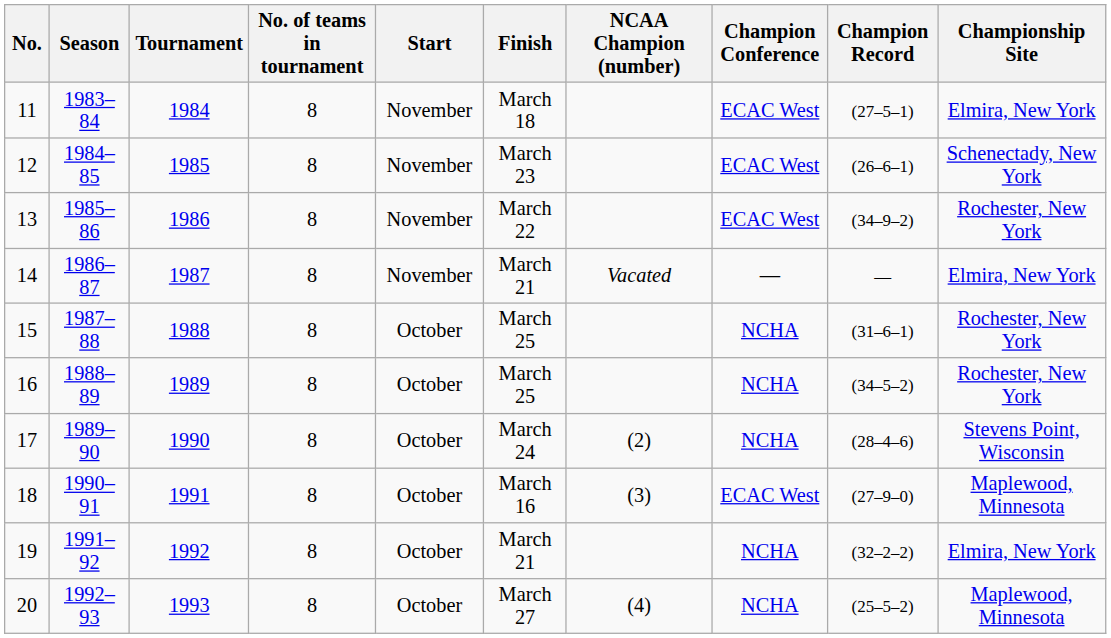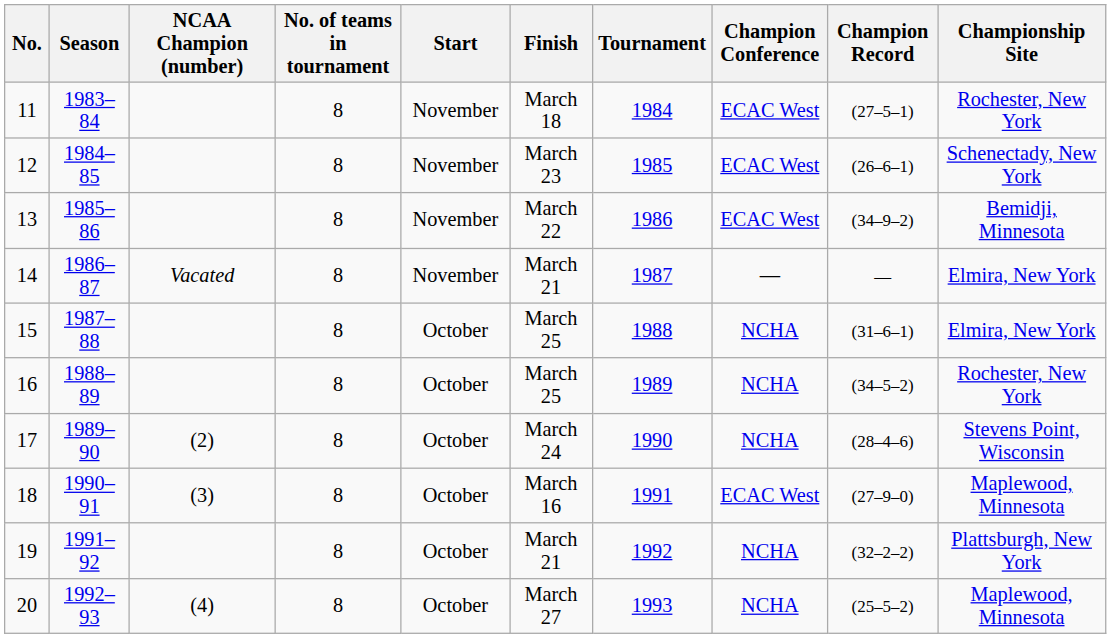 <table class="wikitable">
 <tr>
 <th style="width:3em">No.</th>
 <th style="width:6em">Season</th>
-<th style="width:6em">Tournament</th>
+<th style="width:17em">NCAA Champion<br>(number)</th>
 <th style="width:9em">No. of teams<br>in tournament</th>
 <th style="width:8em">Start</th>
 <th style="width:8em">Finish</th>
-<th style="width:17em">NCAA Champion<br>(number)</th>
+<th style="width:6em">Tournament</th>
 <th style="width:7em">Champion<br>Conference</th>
 <th style="width:7em">Champion<br>Record</th>
 <th style="width:15em">Championship Site</th>
 </tr>
 <tr style="text-align:center;">
 <td>11</td>
 <td><a href='#'>1983–84</a></td>
-<td><a href='#'>1984</a></td>
+<td align=center><strong><a href='#'></a></strong></td>
 <td>8</td>
 <td>November</td>
 <td>March 18</td>
-<td align=center><strong><a href='#'></a></strong></td>
+<td><a href='#'>1984</a></td>
 <td><a href='#'>ECAC West</a></td>
 <td><small>(27–5–1)</small></td>
-<td><a href='#'>Elmira, New York</a></td>
+<td><a href='#'>Rochester, New York</a></td>
 </tr>
 <tr style="text-align:center;">
 <td>12</td>
 <td><a href='#'>1984–85</a></td>
-<td><a href='#'>1985</a></td>
+<td align=center><strong><a href='#'></a></strong></td>
 <td>8</td>
 <td>November</td>
 <td>March 23</td>
-<td align=center><strong><a href='#'></a></strong></td>
+<td><a href='#'>1985</a></td>
 <td><a href='#'>ECAC West</a></td>
 <td><small>(26–6–1)</small></td>
 <td><a href='#'>Schenectady, New York</a></td>
 </tr>
 <tr style="text-align:center;">
 <td>13</td>
 <td><a href='#'>1985–86</a></td>
-<td><a href='#'>1986</a></td>
+<td align=center><strong><a href='#'></a></strong></td>
 <td>8</td>
 <td>November</td>
 <td>March 22</td>
-<td align=center><strong><a href='#'></a></strong></td>
+<td><a href='#'>1986</a></td>
 <td><a href='#'>ECAC West</a></td>
 <td><small>(34–9–2)</small></td>
-<td><a href='#'>Rochester, New York</a></td>
+<td><a href='#'>Bemidji, Minnesota</a></td>
 </tr>
 <tr style="text-align:center;">
 <td>14</td>
 <td><a href='#'>1986–87</a></td>
-<td><a href='#'>1987</a></td>
+<td><em>Vacated</em></td>
 <td>8</td>
 <td>November</td>
 <td>March 21</td>
-<td><em>Vacated</em></td>
+<td><a href='#'>1987</a></td>
 <td>—</td>
 <td><small>—</small></td>
 <td><a href='#'>Elmira, New York</a></td>
 </tr>
 <tr style="text-align:center;">
 <td>15</td>
 <td><a href='#'>1987–88</a></td>
-<td><a href='#'>1988</a></td>
+<td align=center><strong><a href='#'></a></strong></td>
 <td>8</td>
 <td>October</td>
 <td>March 25</td>
-<td align=center><strong><a href='#'></a></strong></td>
+<td><a href='#'>1988</a></td>
 <td><a href='#'>NCHA</a></td>
 <td><small>(31–6–1)</small></td>
-<td><a href='#'>Rochester, New York</a></td>
+<td><a href='#'>Elmira, New York</a></td>
 </tr>
 <tr style="text-align:center;">
 <td>16</td>
 <td><a href='#'>1988–89</a></td>
-<td><a href='#'>1989</a></td>
+<td align=center><strong><a href='#'></a></strong></td>
 <td>8</td>
 <td>October</td>
 <td>March 25</td>
-<td align=center><strong><a href='#'></a></strong></td>
+<td><a href='#'>1989</a></td>
 <td><a href='#'>NCHA</a></td>
 <td><small>(34–5–2)</small></td>
 <td><a href='#'>Rochester, New York</a></td>
 </tr>
 <tr style="text-align:center;">
 <td>17</td>
 <td><a href='#'>1989–90</a></td>
-<td><a href='#'>1990</a></td>
+<td align=center><strong><a href='#'></a></strong> (2)</td>
 <td>8</td>
 <td>October</td>
 <td>March 24</td>
-<td align=center><strong><a href='#'></a></strong> (2)</td>
+<td><a href='#'>1990</a></td>
 <td><a href='#'>NCHA</a></td>
 <td><small>(28–4–6)</small></td>
 <td><a href='#'>Stevens Point, Wisconsin</a></td>
 </tr>
 <tr style="text-align:center;">
 <td>18</td>
 <td><a href='#'>1990–91</a></td>
-<td><a href='#'>1991</a></td>
+<td align=center><strong><a href='#'></a></strong> (3)</td>
 <td>8</td>
 <td>October</td>
 <td>March 16</td>
-<td align=center><strong><a href='#'></a></strong> (3)</td>
+<td><a href='#'>1991</a></td>
 <td><a href='#'>ECAC West</a></td>
 <td><small>(27–9–0)</small></td>
 <td><a href='#'>Maplewood, Minnesota</a></td>
 </tr>
 <tr style="text-align:center;">
 <td>19</td>
 <td><a href='#'>1991–92</a></td>
-<td><a href='#'>1992</a></td>
+<td align=center><strong><a href='#'></a></strong></td>
 <td>8</td>
 <td>October</td>
 <td>March 21</td>
-<td align=center><strong><a href='#'></a></strong></td>
+<td><a href='#'>1992</a></td>
 <td><a href='#'>NCHA</a></td>
 <td><small>(32–2–2)</small></td>
-<td><a href='#'>Elmira, New York</a></td>
+<td><a href='#'>Plattsburgh, New York</a></td>
 </tr>
 <tr style="text-align:center;">
 <td>20</td>
 <td><a href='#'>1992–93</a></td>
-<td><a href='#'>1993</a></td>
+<td align=center><strong><a href='#'></a></strong> (4)</td>
 <td>8</td>
 <td>October</td>
 <td>March 27</td>
-<td align=center><strong><a href='#'></a></strong> (4)</td>
+<td><a href='#'>1993</a></td>
 <td><a href='#'>NCHA</a></td>
 <td><small>(25–5–2)</small></td>
 <td><a href='#'>Maplewood, Minnesota</a></td>
 </tr>
 </table>
